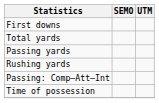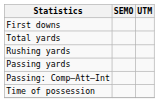 <table class="wikitable" style="float: left;">
 <tr>
 <th>Statistics</th>
 <th>SEMO</th>
 <th>UTM</th>
 </tr>
 <tr>
 <td>First downs</td>
 <td></td>
 <td></td>
 </tr>
 <tr>
 <td>Total yards</td>
 <td></td>
 <td></td>
 </tr>
 <tr>
-<td>Passing yards</td>
+<td>Rushing yards</td>
 <td></td>
 <td></td>
 </tr>
 <tr>
-<td>Rushing yards</td>
+<td>Passing yards</td>
 <td></td>
 <td></td>
 </tr>
 <tr>
 <td>Passing: Comp–Att–Int</td>
 <td></td>
 <td></td>
 </tr>
 <tr>
 <td>Time of possession</td>
 <td></td>
 <td></td>
 </tr>
 <tr>
 </tr>
 </table>
